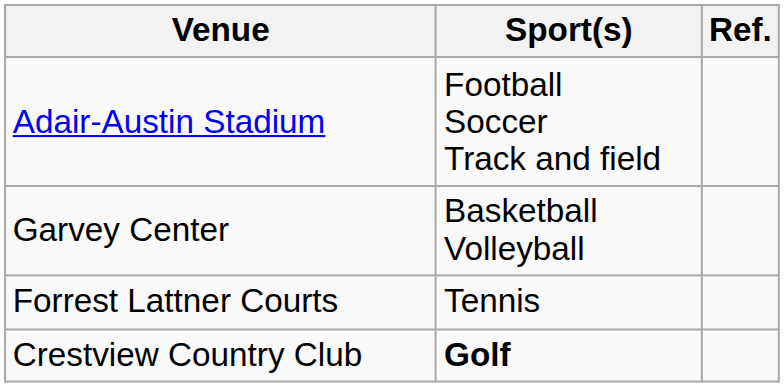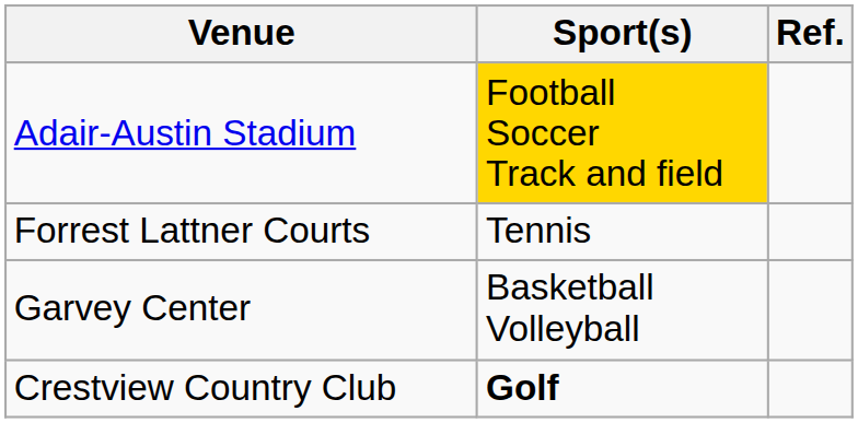 <table class="wikitable"; style= "text-align: ">
 <tr>
 <th width=200px>Venue</th>
 <th width=120px>Sport(s)</th>
 <th width=px>Ref.</th>
 </tr>
 <tr>
 <td><a href='#'>Adair-Austin Stadium</a></td>
-<td>Football <br> Soccer <br> Track and field</td>
+<td style="background: gold;">Football <br> Soccer <br> Track and field</td>
+<td></td>
+</tr>
+<tr>
+<td>Forrest Lattner Courts</td>
+<td>Tennis</td>
 <td></td>
 </tr>
 <tr>
 <td>Garvey Center</td>
 <td>Basketball <br> Volleyball</td>
 <td></td>
 </tr>
 <tr>
-<td>Forrest Lattner Courts</td>
-<td>Tennis</td>
-<td></td>
-</tr>
-<tr>
 <td>Crestview Country Club </td>
 <td><strong>Golf</strong></td>
 <td></td>
 </tr>
 </table>
